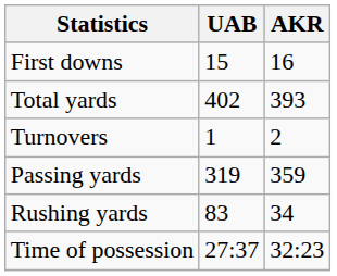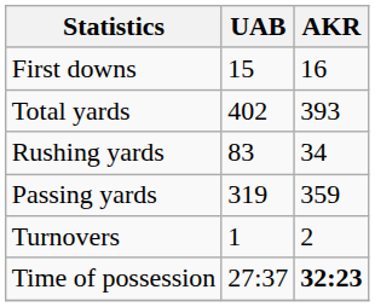 <table class="wikitable">
 <tr>
 <th>Statistics</th>
 <th>UAB</th>
 <th>AKR</th>
 </tr>
 <tr>
 <td>First downs</td>
 <td>15</td>
 <td>16</td>
 </tr>
 <tr>
 <td>Total yards</td>
 <td>402</td>
 <td>393</td>
 </tr>
 <tr>
-<td>Turnovers</td>
-<td>1</td>
-<td>2</td>
+<td>Rushing yards</td>
+<td>83</td>
+<td>34</td>
 </tr>
 <tr>
 <td>Passing yards</td>
 <td>319</td>
 <td>359</td>
 </tr>
 <tr>
-<td>Rushing yards</td>
-<td>83</td>
-<td>34</td>
+<td>Turnovers</td>
+<td>1</td>
+<td>2</td>
 </tr>
 <tr>
 <td>Time of possession</td>
 <td>27:37</td>
-<td>32:23</td>
+<td><strong>32:23</strong></td>
 </tr>
 <tr>
 </tr>
 </table>
